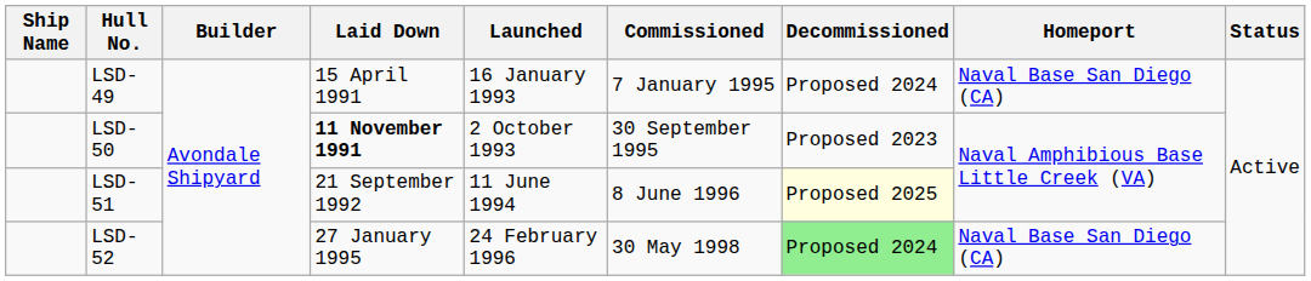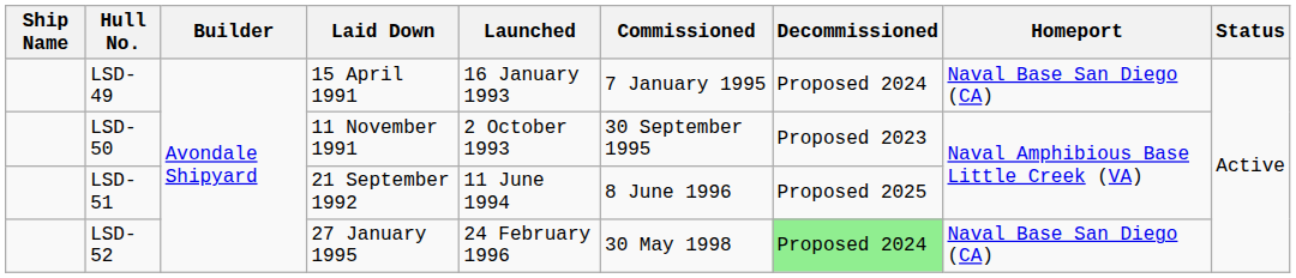 <table class="sortable wikitable">
 <tr>
 <th>Ship Name</th>
 <th>Hull No.</th>
 <th>Builder</th>
 <th>Laid Down</th>
 <th>Launched</th>
 <th>Commissioned</th>
 <th>Decommissioned</th>
 <th>Homeport</th>
 <th>Status</th>
 </tr>
 <tr>
 <td></td>
 <td>LSD-49</td>
 <td rowspan=4><a href='#'>Avondale Shipyard</a></td>
 <td>15 April 1991</td>
 <td>16 January 1993</td>
 <td>7 January 1995</td>
 <td>Proposed 2024</td>
 <td><a href='#'>Naval Base San Diego</a> (<a href='#'>CA</a>)</td>
 <td rowspan="4">Active</td>
 </tr>
 <tr>
 <td></td>
 <td>LSD-50</td>
-<td><strong>11 November 1991</strong></td>
+<td>11 November 1991</td>
 <td>2 October 1993</td>
 <td>30 September 1995</td>
 <td>Proposed 2023</td>
 <td rowspan="2"><a href='#'>Naval Amphibious Base Little Creek</a> (<a href='#'>VA</a>)</td>
 </tr>
 <tr>
 <td></td>
 <td>LSD-51</td>
 <td>21 September 1992</td>
 <td>11 June 1994</td>
 <td>8 June 1996</td>
-<td style="background: lightyellow;">Proposed 2025</td>
+<td>Proposed 2025</td>
 </tr>
 <tr>
 <td></td>
 <td>LSD-52</td>
 <td>27 January 1995</td>
 <td>24 February 1996</td>
 <td>30 May 1998</td>
 <td style="background: lightgreen;">Proposed 2024</td>
 <td><a href='#'>Naval Base San Diego</a> (<a href='#'>CA</a>)</td>
 </tr>
 </table>
